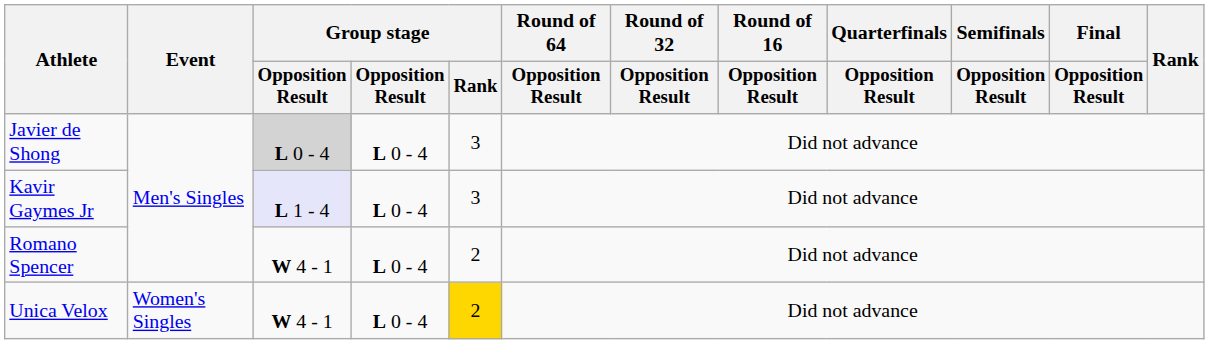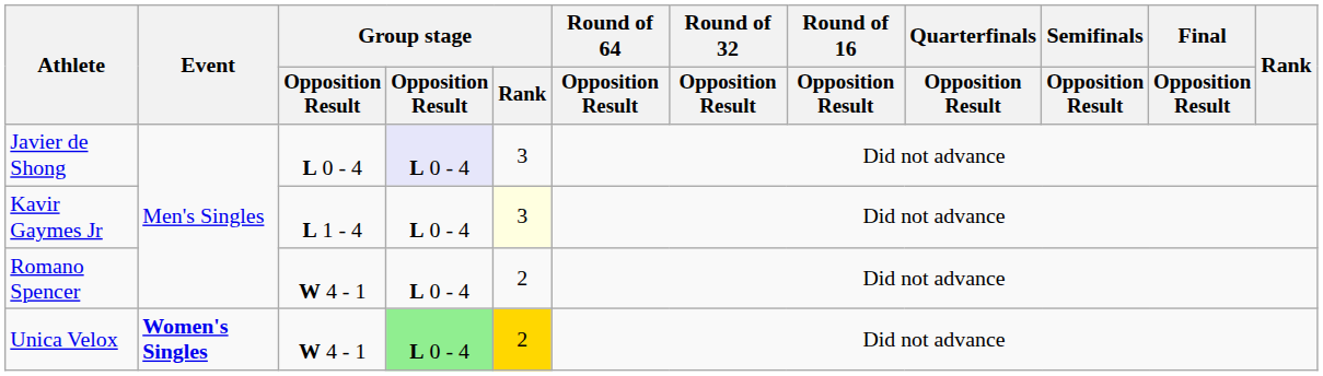 <table class="wikitable" style="font-size:90%">
 <tr>
 <th rowspan=2>Athlete</th>
 <th rowspan=2>Event</th>
 <th colspan=3>Group stage</th>
 <th>Round of 64</th>
 <th>Round of 32</th>
 <th>Round of 16</th>
 <th>Quarterfinals</th>
 <th>Semifinals</th>
 <th>Final</th>
 <th rowspan=2>Rank</th>
 </tr>
 <tr style="font-size:95%">
 <th>Opposition<br>Result</th>
 <th>Opposition<br>Result</th>
 <th>Rank</th>
 <th>Opposition<br>Result</th>
 <th>Opposition<br>Result</th>
 <th>Opposition<br>Result</th>
 <th>Opposition<br>Result</th>
 <th>Opposition<br>Result</th>
 <th>Opposition<br>Result</th>
 </tr>
 <tr align=center>
 <td align=left><a href='#'>Javier de Shong</a></td>
 <td align=left rowspan=3><a href='#'>Men's Singles</a></td>
-<td style="background: lightgrey;"><br><strong>L</strong> 0 - 4</td>
 <td><br><strong>L</strong> 0 - 4</td>
+<td style="background: lavender;"><br><strong>L</strong> 0 - 4</td>
 <td>3</td>
 <td colspan=7>Did not advance</td>
 </tr>
 <tr align=center>
 <td align=left><a href='#'>Kavir Gaymes Jr</a></td>
-<td style="background: lavender;"><br><strong>L</strong> 1 - 4</td>
+<td><br><strong>L</strong> 1 - 4</td>
 <td><br><strong>L</strong> 0 - 4</td>
-<td>3</td>
+<td style="background: lightyellow;">3</td>
 <td colspan=7>Did not advance</td>
 </tr>
 <tr align=center>
 <td align=left><a href='#'>Romano Spencer</a></td>
 <td><br><strong>W</strong> 4 - 1</td>
 <td><br><strong>L</strong> 0 - 4</td>
 <td>2</td>
 <td colspan=7>Did not advance</td>
 </tr>
 <tr align=center>
 <td align=left><a href='#'>Unica Velox</a></td>
-<td align=left><a href='#'>Women's Singles</a></td>
+<td align=left><strong><a href='#'>Women's Singles</a></strong></td>
 <td><br><strong>W</strong> 4 - 1</td>
-<td><br><strong>L</strong> 0 - 4</td>
+<td style="background: lightgreen;"><br><strong>L</strong> 0 - 4</td>
 <td style="background: gold;">2</td>
 <td colspan=7>Did not advance</td>
 </tr>
 </table>
